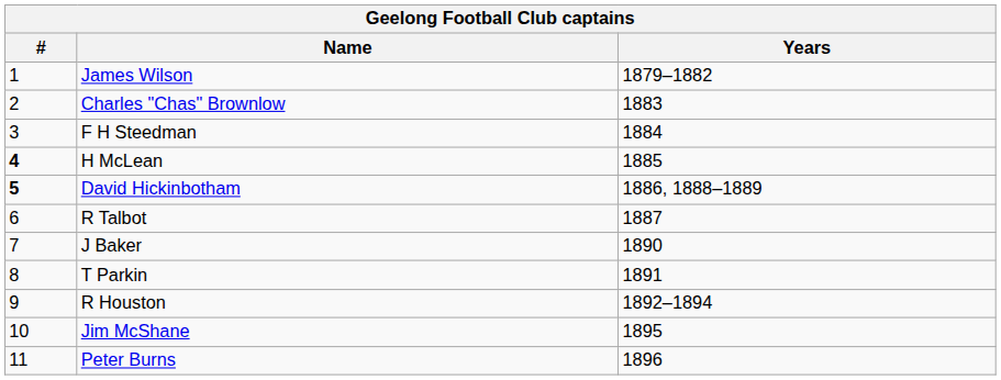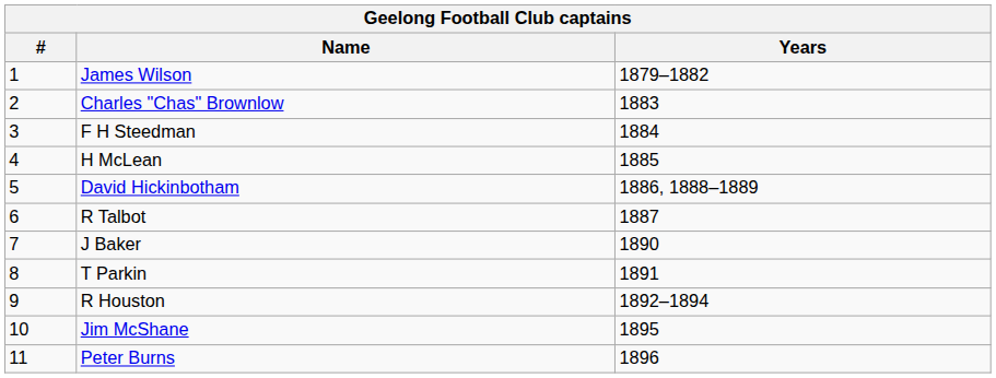 <table class="wikitable" width="70%">
 <tr bgcolor="#efefef">
 <th colspan=3>Geelong Football Club captains</th>
 </tr>
 <tr bgcolor="#efefef">
 <th>#</th>
 <th>Name</th>
 <th>Years</th>
 </tr>
 <tr>
 <td>1</td>
 <td align="left"><a href='#'>James Wilson</a></td>
 <td>1879–1882</td>
 </tr>
 <tr>
 <td>2</td>
 <td align="left"><a href='#'>Charles "Chas" Brownlow</a></td>
 <td>1883</td>
 </tr>
 <tr>
 <td>3</td>
 <td align="left">F H Steedman</td>
 <td>1884</td>
 </tr>
 <tr>
-<td><strong>4</strong></td>
+<td>4</td>
 <td align="left">H McLean</td>
 <td>1885</td>
 </tr>
 <tr>
-<td><strong>5</strong></td>
+<td>5</td>
 <td align="left"><a href='#'>David Hickinbotham</a></td>
 <td>1886, 1888–1889</td>
 </tr>
 <tr>
 <td>6</td>
 <td align="left">R Talbot</td>
 <td>1887</td>
 </tr>
 <tr>
 <td>7</td>
 <td align="left">J Baker</td>
 <td>1890</td>
 </tr>
 <tr>
 <td>8</td>
 <td align="left">T Parkin</td>
 <td>1891</td>
 </tr>
 <tr>
 <td>9</td>
 <td align="left">R Houston</td>
 <td>1892–1894</td>
 </tr>
 <tr>
 <td>10</td>
 <td align="left"><a href='#'>Jim McShane</a></td>
 <td>1895</td>
 </tr>
 <tr>
 <td>11</td>
 <td align="left"><a href='#'>Peter Burns</a></td>
 <td>1896</td>
 </tr>
 </table>
